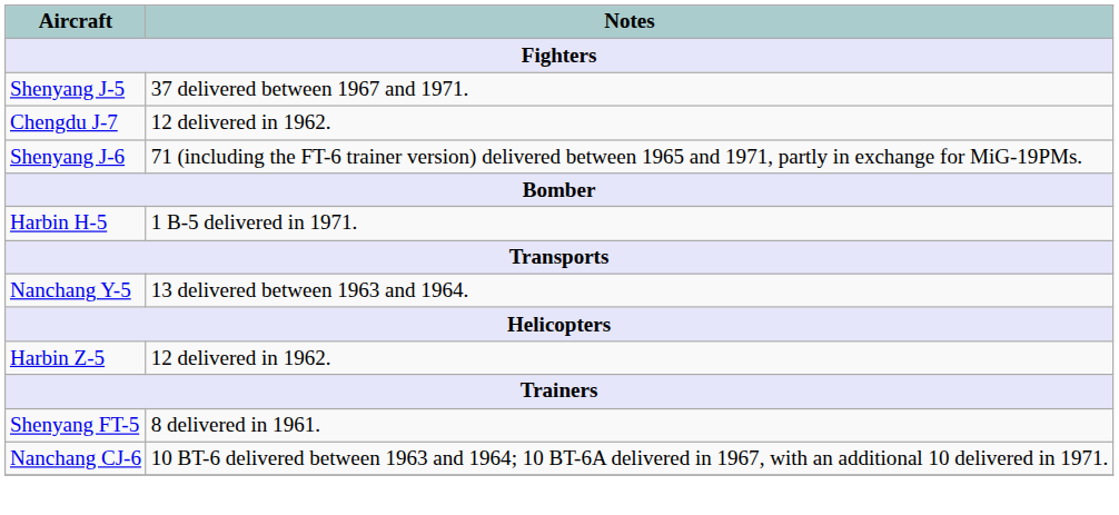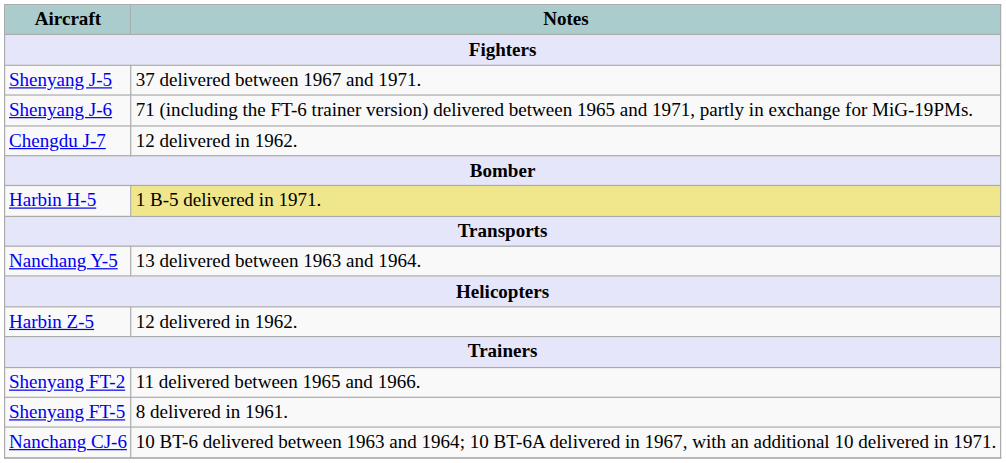 <table class="wikitable">
 <tr>
 <th style="text-align:center; background:#acc;">Aircraft</th>
 <th style="text-align: center; background:#acc;">Notes</th>
 </tr>
 <tr>
 <th colspan="2" style="align: center; background: lavender;">Fighters</th>
 </tr>
 <tr>
 <td><a href='#'>Shenyang J-5</a></td>
 <td>37 delivered between 1967 and 1971.</td>
 </tr>
 <tr>
+<td><a href='#'>Shenyang J-6</a></td>
+<td>71 (including the FT-6 trainer version) delivered between 1965 and 1971, partly in exchange for MiG-19PMs.</td>
+</tr>
+<tr>
 <td><a href='#'>Chengdu J-7</a></td>
 <td>12 delivered in 1962.</td>
-</tr>
-<tr>
-<td><a href='#'>Shenyang J-6</a></td>
-<td>71 (including the FT-6 trainer version) delivered between 1965 and 1971, partly in exchange for MiG-19PMs.</td>
 </tr>
 <tr>
 <th colspan="2" style="align: center; background: lavender;">Bomber</th>
 </tr>
 <tr>
 <td><a href='#'>Harbin H-5</a></td>
-<td>1 B-5 delivered in 1971.</td>
+<td style="background: khaki;">1 B-5 delivered in 1971.</td>
 </tr>
 <tr>
 <th colspan="2" style="align: center; background: lavender;">Transports</th>
 </tr>
 <tr>
 <td><a href='#'>Nanchang Y-5</a></td>
 <td>13 delivered between 1963 and 1964.</td>
 </tr>
 <tr>
 <th colspan="2" style="align: center; background: lavender;">Helicopters</th>
 </tr>
 <tr>
 <td><a href='#'>Harbin Z-5</a></td>
 <td>12 delivered in 1962.</td>
 </tr>
 <tr>
 <th colspan="2" style="align: center; background: lavender;">Trainers</th>
 </tr>
 <tr>
+<td><a href='#'>Shenyang FT-2</a></td>
+<td>11 delivered between 1965 and 1966.</td>
+</tr>
+<tr>
 <td><a href='#'>Shenyang FT-5</a></td>
 <td>8 delivered in 1961.</td>
 </tr>
 <tr>
 <td><a href='#'>Nanchang CJ-6</a></td>
 <td>10 BT-6 delivered between 1963 and 1964; 10 BT-6A delivered in 1967, with an additional 10 delivered in 1971.</td>
 </tr>
 <tr>
 </tr>
 </table>
